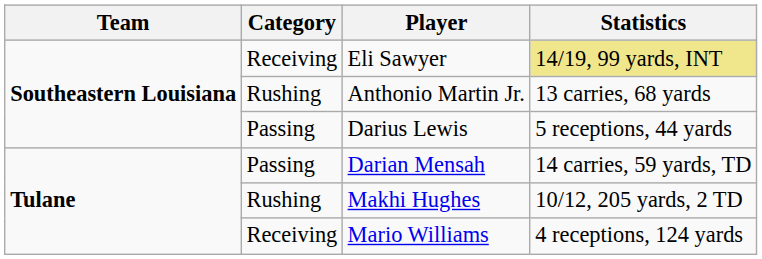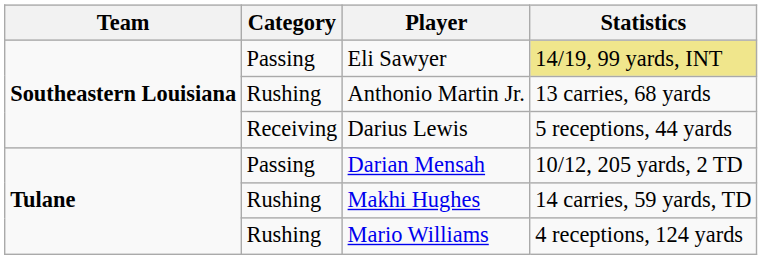 <table class="wikitable" style="float: right;">
 <tr>
 <th>Team</th>
 <th>Category</th>
 <th>Player</th>
 <th>Statistics</th>
 </tr>
 <tr>
 <td rowspan=3><strong>Southeastern Louisiana</strong></td>
-<td>Receiving</td>
+<td>Passing</td>
 <td>Eli Sawyer</td>
 <td style="background: khaki;">14/19, 99 yards, INT</td>
 </tr>
 <tr>
 <td>Rushing</td>
 <td>Anthonio Martin Jr.</td>
 <td>13 carries, 68 yards</td>
 </tr>
 <tr>
-<td>Passing</td>
+<td>Receiving</td>
 <td>Darius Lewis</td>
 <td>5 receptions, 44 yards</td>
 </tr>
 <tr>
 <td rowspan=3><strong>Tulane</strong></td>
 <td>Passing</td>
 <td><a href='#'>Darian Mensah</a></td>
+<td>10/12, 205 yards, 2 TD</td>
+</tr>
+<tr>
+<td>Rushing</td>
+<td><a href='#'>Makhi Hughes</a></td>
 <td>14 carries, 59 yards, TD</td>
 </tr>
 <tr>
 <td>Rushing</td>
-<td><a href='#'>Makhi Hughes</a></td>
-<td>10/12, 205 yards, 2 TD</td>
-</tr>
-<tr>
-<td>Receiving</td>
 <td><a href='#'>Mario Williams</a></td>
 <td>4 receptions, 124 yards</td>
 </tr>
 </table>
